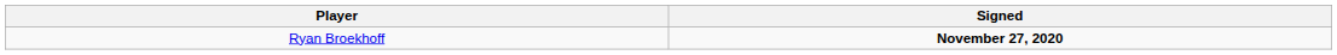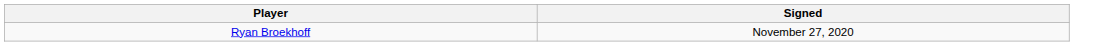 <table class="wikitable sortable sortable" style="text-align: center">
 <tr>
 <th width="10%">Player</th>
 <th width="10%">Signed</th>
 </tr>
 <tr>
 <td><a href='#'>Ryan Broekhoff</a></td>
-<td><strong>November 27, 2020</strong></td>
+<td>November 27, 2020</td>
 </tr>
 </table>
